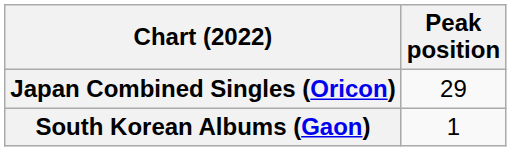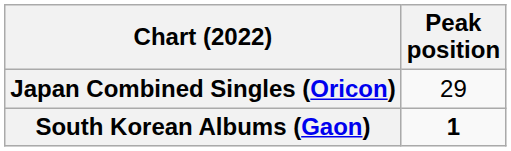 <table class="wikitable sortable plainrowheaders" style="text-align:center">
 <tr>
 <th scope="col">Chart (2022)</th>
 <th scope="col">Peak<br>position</th>
 </tr>
 <tr>
 <th scope="row">Japan Combined Singles (<a href='#'>Oricon</a>)</th>
 <td>29</td>
 </tr>
 <tr>
 <th scope="row">South Korean Albums (<a href='#'>Gaon</a>)</th>
-<td>1</td>
+<td><strong>1</strong></td>
 </tr>
 </table>
